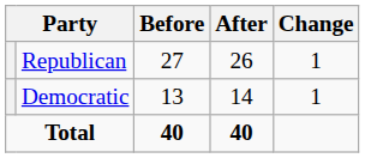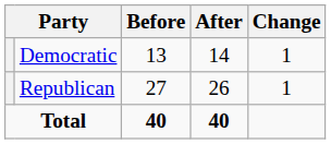 <table class="wikitable" style="text-align:center;">
 <tr>
 <th colspan="2">Party</th>
 <th>Before</th>
 <th>After</th>
 <th>Change</th>
 </tr>
 <tr>
 <th style="background-color:"></th>
-<td style="text-align:left;"><a href='#'>Republican</a></td>
-<td>27</td>
-<td>26</td>
+<td style="text-align:left;"><a href='#'>Democratic</a></td>
+<td>13</td>
+<td>14</td>
 <td> 1</td>
 </tr>
 <tr>
 <th style="background-color:"></th>
-<td style="text-align:left;"><a href='#'>Democratic</a></td>
-<td>13</td>
-<td>14</td>
+<td style="text-align:left;"><a href='#'>Republican</a></td>
+<td>27</td>
+<td>26</td>
 <td> 1</td>
 </tr>
 <tr>
 <td colspan="2"><strong>Total</strong></td>
 <td><strong>40</strong></td>
 <td><strong>40</strong></td>
 <td></td>
 </tr>
 </table>
